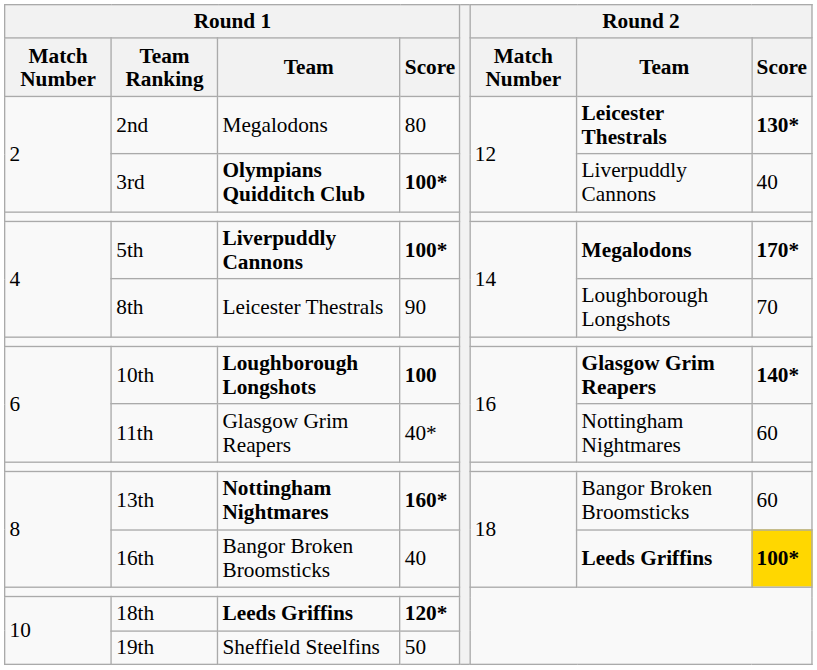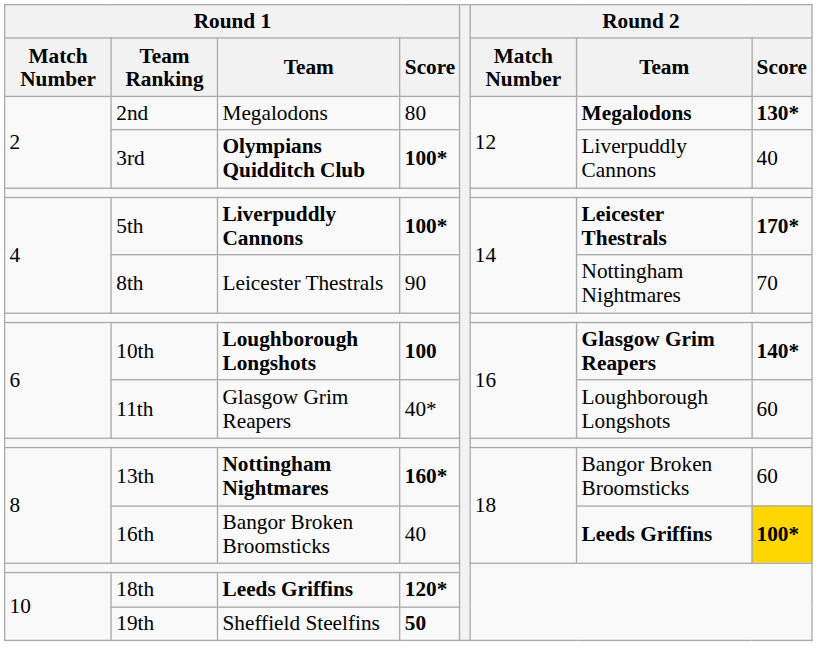 <table class="wikitable">
 <tr>
 <th colspan="4">Round 1</th>
 <th rowspan="16" style="border: none;"></th>
 <th colspan="3">Round 2</th>
 </tr>
 <tr>
 <th>Match Number</th>
 <th>Team Ranking</th>
 <th>Team</th>
 <th>Score</th>
 <th>Match Number</th>
 <th>Team</th>
 <th>Score</th>
 </tr>
 <tr>
 <td rowspan="2">2</td>
 <td>2nd</td>
 <td>Megalodons</td>
 <td>80</td>
 <td rowspan="2">12</td>
-<td><strong>Leicester Thestrals</strong></td>
+<td><strong>Megalodons</strong></td>
 <td><strong>130*</strong></td>
 </tr>
 <tr>
 <td>3rd</td>
 <td><strong>Olympians Quidditch Club</strong></td>
 <td><strong>100*</strong></td>
 <td>Liverpuddly Cannons</td>
 <td>40</td>
 </tr>
 <tr>
 <td colspan="4"></td>
 <td colspan="3"></td>
 </tr>
 <tr>
 <td rowspan="2">4</td>
 <td>5th</td>
 <td><strong>Liverpuddly Cannons</strong></td>
 <td><strong>100*</strong></td>
 <td rowspan="2">14</td>
-<td><strong>Megalodons</strong></td>
+<td><strong>Leicester Thestrals</strong></td>
 <td><strong>170*</strong></td>
 </tr>
 <tr>
 <td>8th</td>
 <td>Leicester Thestrals</td>
 <td>90</td>
-<td>Loughborough Longshots</td>
+<td>Nottingham Nightmares</td>
 <td>70</td>
 </tr>
 <tr>
 <td colspan="4"></td>
 <td colspan="3"></td>
 </tr>
 <tr>
 <td rowspan="2">6</td>
 <td>10th</td>
 <td><strong>Loughborough Longshots</strong></td>
 <td><strong>100</strong></td>
 <td rowspan="2">16</td>
 <td><strong>Glasgow Grim Reapers</strong></td>
 <td><strong>140*</strong></td>
 </tr>
 <tr>
 <td>11th</td>
 <td>Glasgow Grim Reapers</td>
 <td>40*</td>
-<td>Nottingham Nightmares</td>
+<td>Loughborough Longshots</td>
 <td>60</td>
 </tr>
 <tr>
 <td colspan="4"></td>
 <td colspan="3"></td>
 </tr>
 <tr>
 <td rowspan="2">8</td>
 <td>13th</td>
 <td><strong>Nottingham Nightmares</strong></td>
 <td><strong>160*</strong></td>
 <td rowspan="2">18</td>
 <td>Bangor Broken Broomsticks</td>
 <td>60</td>
 </tr>
 <tr>
 <td>16th</td>
 <td>Bangor Broken Broomsticks</td>
 <td>40</td>
 <td><strong>Leeds Griffins</strong></td>
 <td style="background: gold;"><strong>100*</strong></td>
 </tr>
 <tr>
 <td colspan="4"></td>
 <td colspan="3" rowspan="3"></td>
 </tr>
 <tr>
 <td rowspan="2">10</td>
 <td>18th</td>
 <td><strong>Leeds Griffins</strong></td>
 <td><strong>120*</strong></td>
 </tr>
 <tr>
 <td>19th</td>
 <td>Sheffield Steelfins</td>
-<td>50</td>
+<td><strong>50</strong></td>
 </tr>
 </table>
